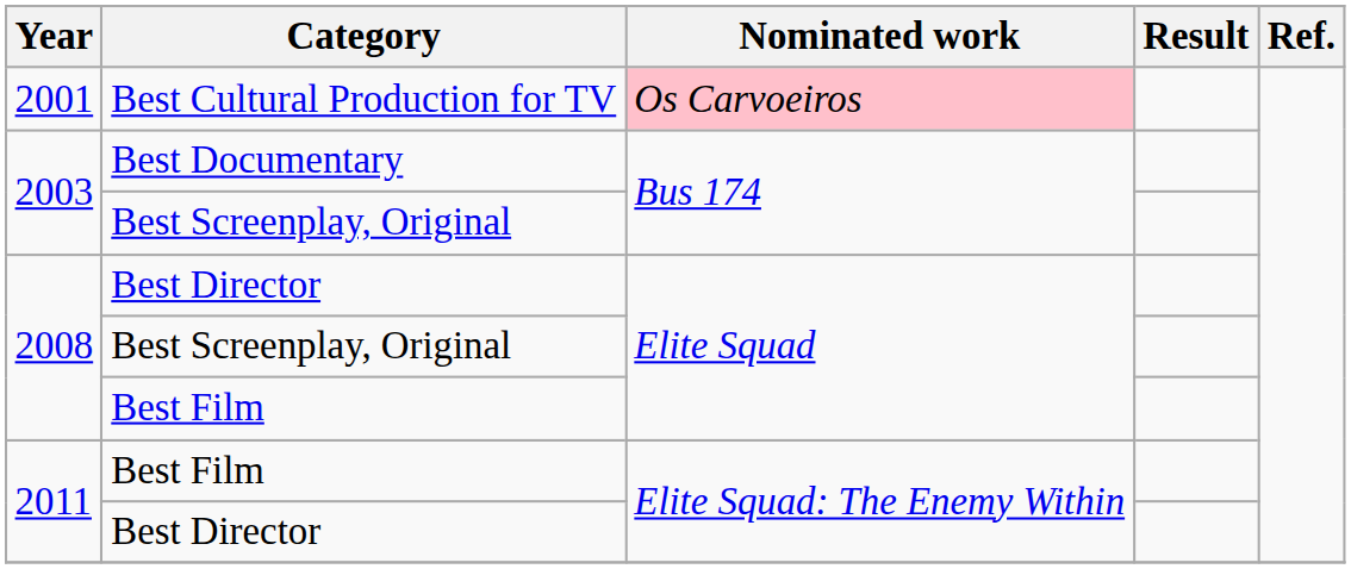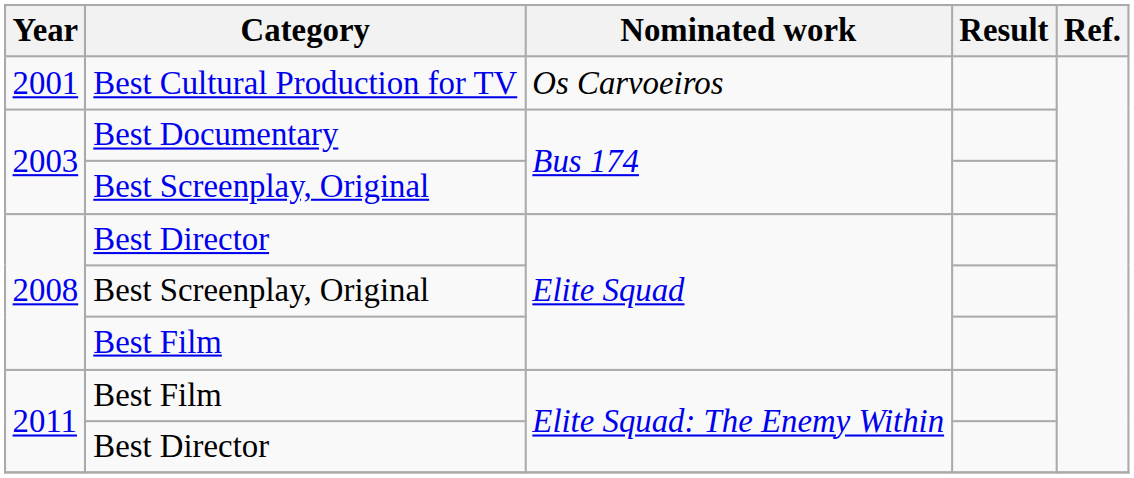 <table class="wikitable sortable">
 <tr>
 <th>Year</th>
 <th>Category</th>
 <th>Nominated work</th>
 <th>Result</th>
 <th>Ref.</th>
 </tr>
 <tr>
 <td><a href='#'>2001</a></td>
 <td><a href='#'>Best Cultural Production for TV</a></td>
-<td style="background: pink;"><em>Os Carvoeiros</em></td>
+<td><em>Os Carvoeiros</em></td>
 <td></td>
 <td rowspan="8"></td>
 </tr>
 <tr>
 <td rowspan="2"><a href='#'>2003</a></td>
 <td><a href='#'>Best Documentary</a></td>
 <td rowspan="2"><em><a href='#'>Bus 174</a></em></td>
 <td></td>
 </tr>
 <tr>
 <td><a href='#'>Best Screenplay, Original</a></td>
 <td></td>
 </tr>
 <tr>
 <td rowspan="3"><a href='#'>2008</a></td>
 <td><a href='#'>Best Director</a></td>
 <td rowspan="3"><em><a href='#'>Elite Squad</a></em></td>
 <td></td>
 </tr>
 <tr>
 <td>Best Screenplay, Original</td>
 <td></td>
 </tr>
 <tr>
 <td><a href='#'>Best Film</a></td>
 <td></td>
 </tr>
 <tr>
 <td rowspan="2"><a href='#'>2011</a></td>
 <td>Best Film</td>
 <td rowspan="2"><em><a href='#'>Elite Squad: The Enemy Within</a></em></td>
 <td></td>
 </tr>
 <tr>
 <td>Best Director</td>
 <td></td>
 </tr>
 <tr>
 </tr>
 </table>
